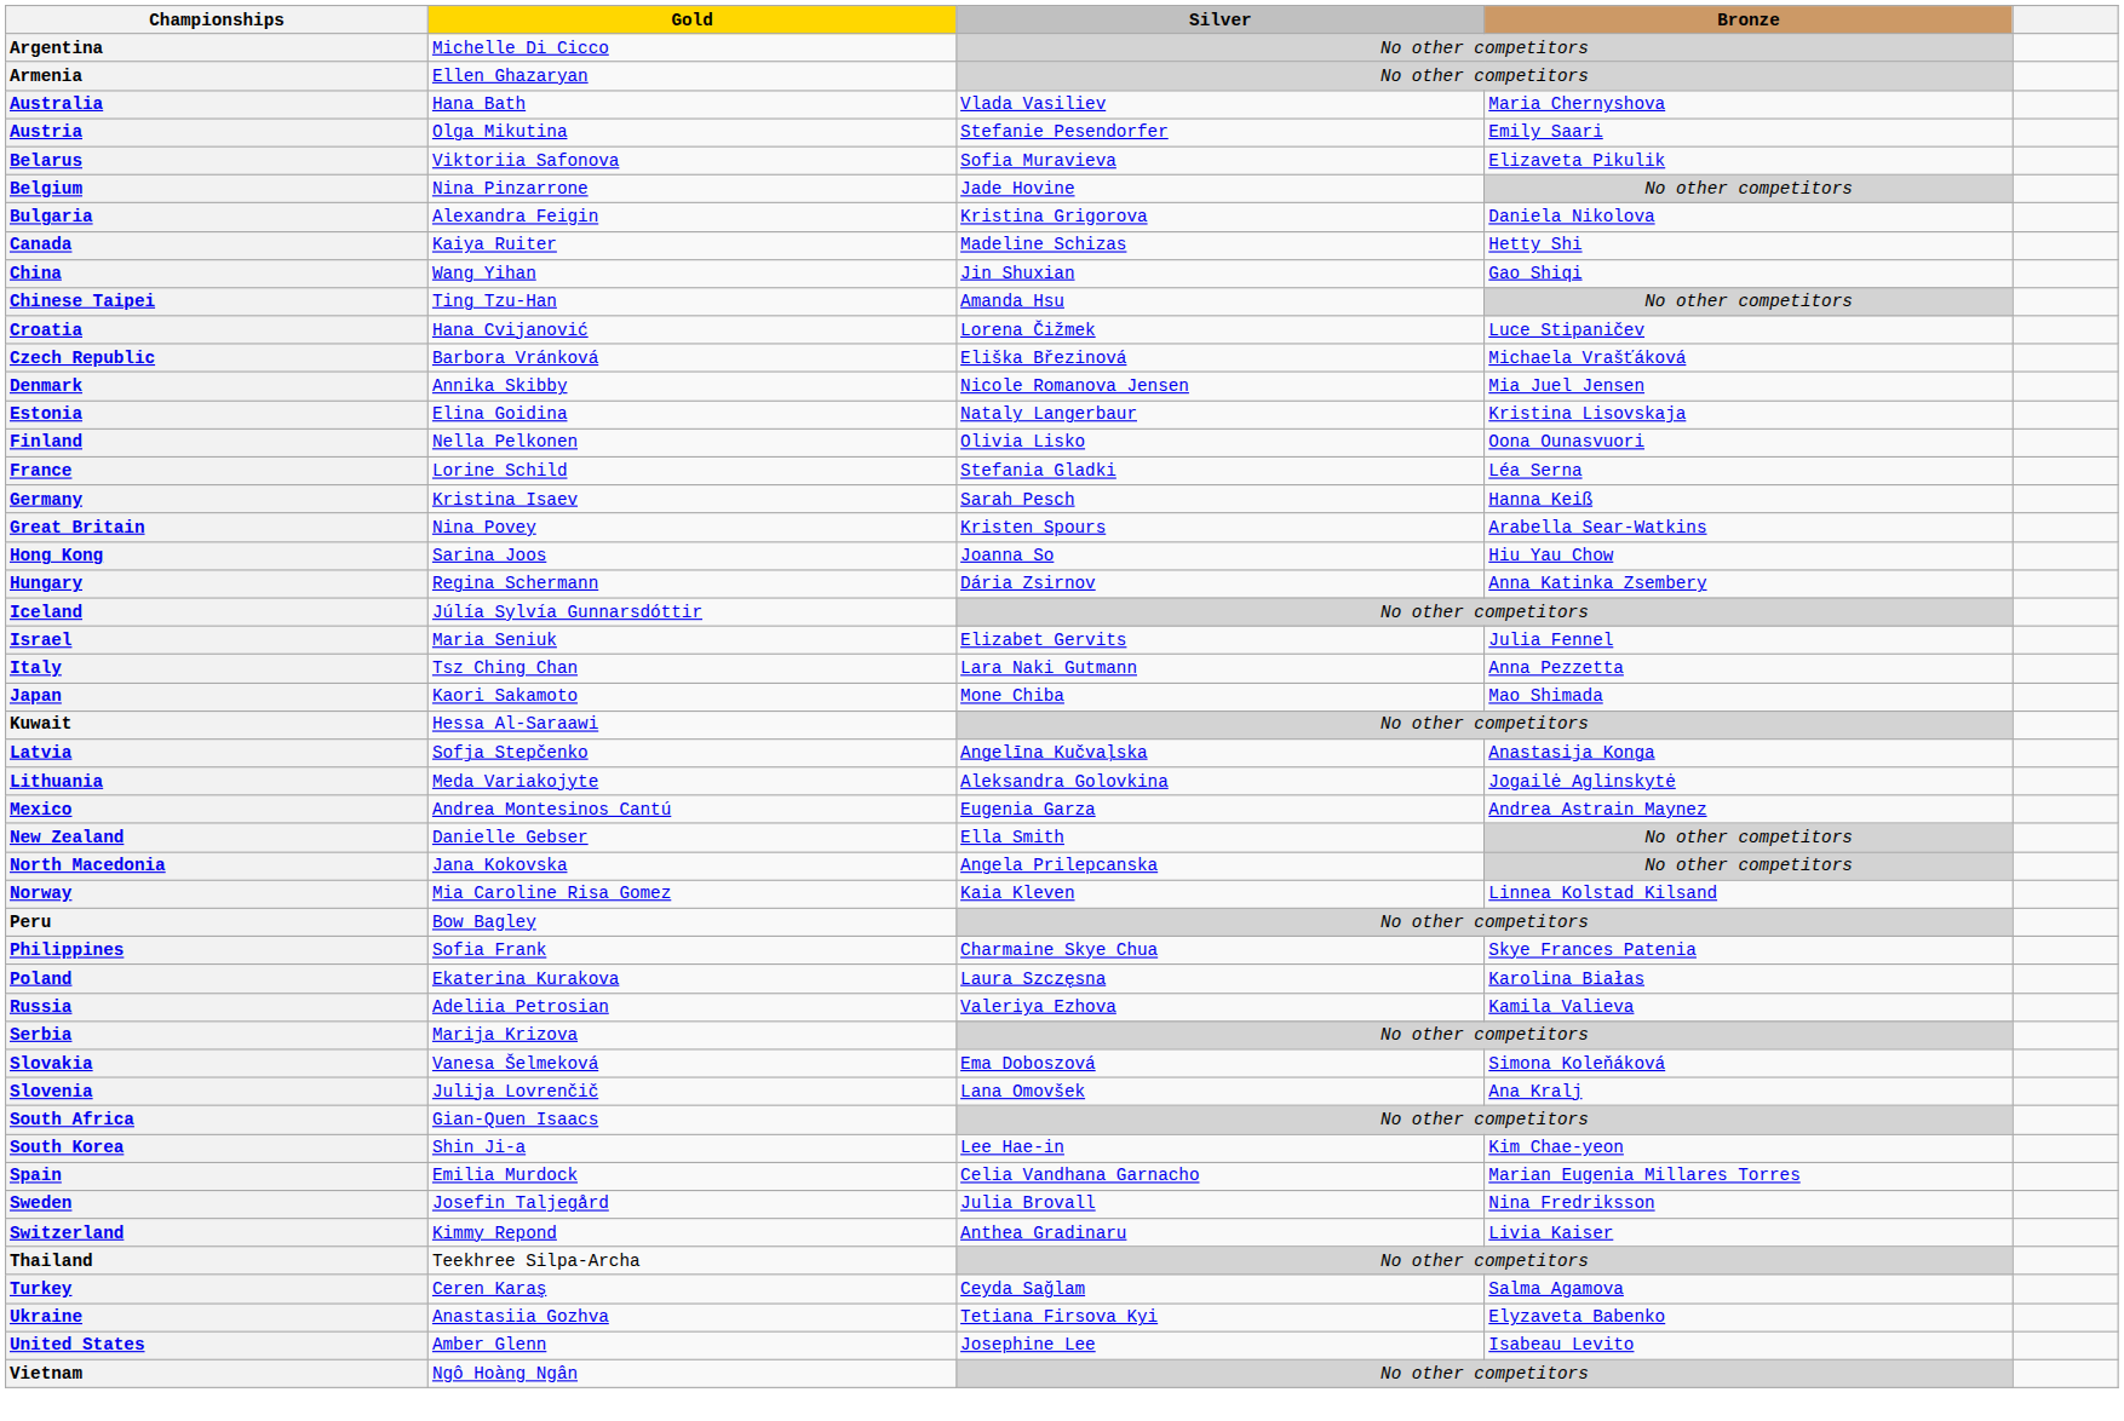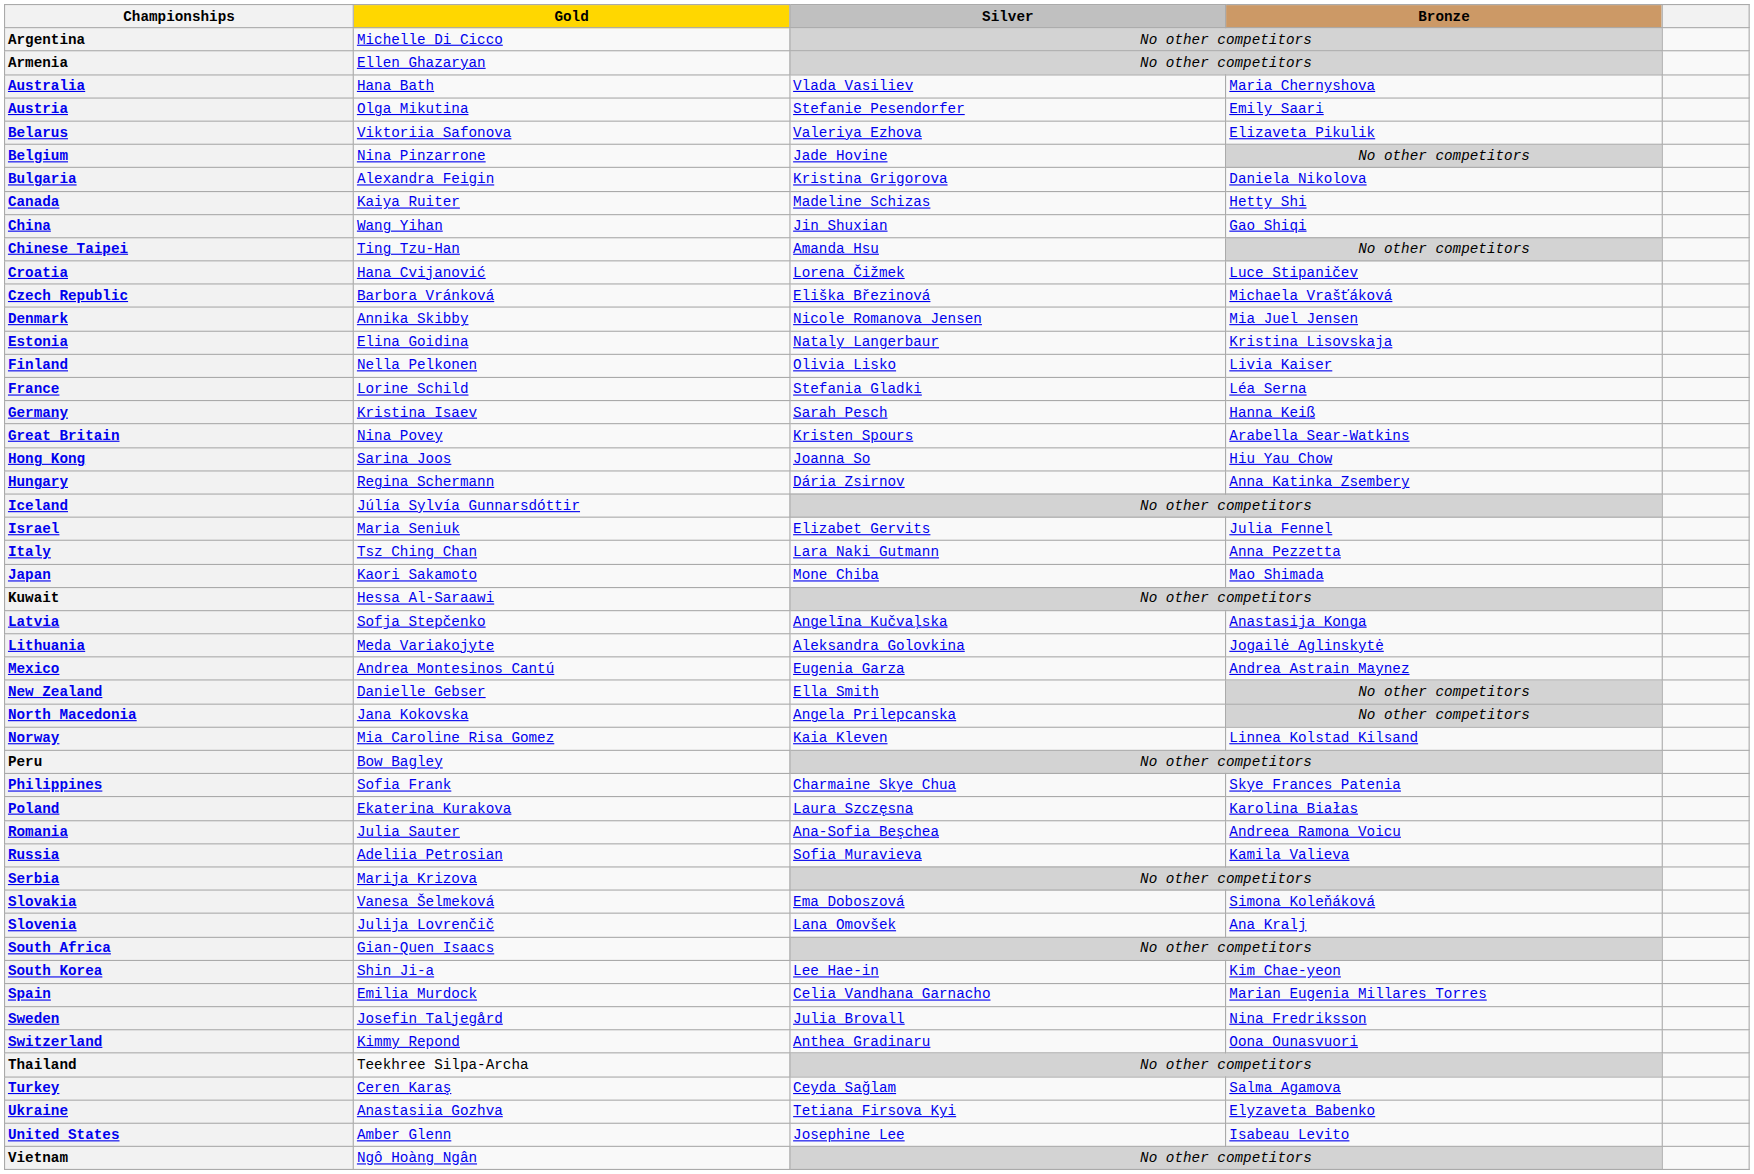 <table class="wikitable unsortable" style="text-align:left; width:80%;">
 <tr>
 <th scope="col" style="text-align:center; width:20%;">Championships</th>
 <td scope="col" style="text-align:center; width:25%; background:gold"><strong>Gold</strong></td>
 <td scope="col" style="text-align:center; width:25%; background:silver"><strong>Silver</strong></td>
 <td scope="col" style="text-align:center; width:25%; background:#c96"><strong>Bronze</strong></td>
 <th scope="col" style="text-align:center; width:5%;"></th>
 </tr>
 <tr>
 <th scope="row" style="text-align:left"> Argentina</th>
 <td><a href='#'>Michelle Di Cicco</a></td>
 <td colspan=2 align="center" bgcolor="lightgray"><em>No other competitors</em></td>
 <td></td>
 </tr>
 <tr>
 <th scope="row" style="text-align:left"> Armenia</th>
 <td><a href='#'>Ellen Ghazaryan</a></td>
 <td colspan=2 align="center" bgcolor="lightgray"><em>No other competitors</em></td>
 <td></td>
 </tr>
 <tr>
 <th scope="row" style="text-align:left"> <a href='#'>Australia</a></th>
 <td><a href='#'>Hana Bath</a></td>
 <td><a href='#'>Vlada Vasiliev</a></td>
 <td><a href='#'>Maria Chernyshova</a></td>
 <td></td>
 </tr>
 <tr>
 <th scope="row" style="text-align:left"> <a href='#'>Austria</a></th>
 <td><a href='#'>Olga Mikutina</a></td>
 <td><a href='#'>Stefanie Pesendorfer</a></td>
 <td><a href='#'>Emily Saari</a></td>
 <td></td>
 </tr>
 <tr>
 <th scope="row" style="text-align:left"> <a href='#'>Belarus</a></th>
 <td><a href='#'>Viktoriia Safonova</a></td>
-<td><a href='#'>Sofia Muravieva</a></td>
+<td><a href='#'>Valeriya Ezhova</a></td>
 <td><a href='#'>Elizaveta Pikulik</a></td>
 <td></td>
 </tr>
 <tr>
 <th scope="row" style="text-align:left"> <a href='#'>Belgium</a></th>
 <td><a href='#'>Nina Pinzarrone</a></td>
 <td><a href='#'>Jade Hovine</a></td>
 <td align="center" bgcolor="lightgray"><em>No other competitors</em></td>
 <td></td>
 </tr>
 <tr>
 <th scope="row" style="text-align:left"> <a href='#'>Bulgaria</a></th>
 <td><a href='#'>Alexandra Feigin</a></td>
 <td><a href='#'>Kristina Grigorova</a></td>
 <td><a href='#'>Daniela Nikolova</a></td>
 <td></td>
 </tr>
 <tr>
 <th scope="row" style="text-align:left"> <a href='#'>Canada</a></th>
 <td><a href='#'>Kaiya Ruiter</a></td>
 <td><a href='#'>Madeline Schizas</a></td>
 <td><a href='#'>Hetty Shi</a></td>
 <td></td>
 </tr>
 <tr>
 <th scope="row" style="text-align:left"> <a href='#'>China</a></th>
 <td><a href='#'>Wang Yihan</a></td>
 <td><a href='#'>Jin Shuxian</a></td>
 <td><a href='#'>Gao Shiqi</a></td>
 <td></td>
 </tr>
 <tr>
 <th scope="row" style="text-align:left"> <a href='#'>Chinese Taipei</a></th>
 <td><a href='#'>Ting Tzu-Han</a></td>
 <td><a href='#'>Amanda Hsu</a></td>
 <td align="center" bgcolor="lightgray"><em>No other competitors</em></td>
 <td></td>
 </tr>
 <tr>
 <th scope="row" style="text-align:left"> <a href='#'>Croatia</a></th>
 <td><a href='#'>Hana Cvijanović</a></td>
 <td><a href='#'>Lorena Čižmek</a></td>
 <td><a href='#'>Luce Stipaničev</a></td>
 <td></td>
 </tr>
 <tr>
 <th scope="row" style="text-align:left"> <a href='#'>Czech Republic</a></th>
 <td><a href='#'>Barbora Vránková</a></td>
 <td><a href='#'>Eliška Březinová</a></td>
 <td><a href='#'>Michaela Vrašťáková</a></td>
 <td></td>
 </tr>
 <tr>
 <th scope="row" style="text-align:left"> <a href='#'>Denmark</a></th>
 <td><a href='#'>Annika Skibby</a></td>
 <td><a href='#'>Nicole Romanova Jensen</a></td>
 <td><a href='#'>Mia Juel Jensen</a></td>
 <td></td>
 </tr>
 <tr>
 <th scope="row" style="text-align:left"> <a href='#'>Estonia</a></th>
 <td><a href='#'>Elina Goidina</a></td>
 <td><a href='#'>Nataly Langerbaur</a></td>
 <td><a href='#'>Kristina Lisovskaja</a></td>
 <td></td>
 </tr>
 <tr>
 <th scope="row" style="text-align:left"> <a href='#'>Finland</a></th>
 <td><a href='#'>Nella Pelkonen</a></td>
 <td><a href='#'>Olivia Lisko</a></td>
-<td><a href='#'>Oona Ounasvuori</a></td>
+<td><a href='#'>Livia Kaiser</a></td>
 <td></td>
 </tr>
 <tr>
 <th scope="row" style="text-align:left"> <a href='#'>France</a></th>
 <td><a href='#'>Lorine Schild</a></td>
 <td><a href='#'>Stefania Gladki</a></td>
 <td><a href='#'>Léa Serna</a></td>
 <td></td>
 </tr>
 <tr>
 <th scope="row" style="text-align:left"> <a href='#'>Germany</a></th>
 <td><a href='#'>Kristina Isaev</a></td>
 <td><a href='#'>Sarah Pesch</a></td>
 <td><a href='#'>Hanna Keiß</a></td>
 <td></td>
 </tr>
 <tr>
 <th scope="row" style="text-align:left"> <a href='#'>Great Britain</a></th>
 <td><a href='#'>Nina Povey</a></td>
 <td><a href='#'>Kristen Spours</a></td>
 <td><a href='#'>Arabella Sear-Watkins</a></td>
 <td></td>
 </tr>
 <tr>
 <th scope="row" style="text-align:left"> <a href='#'>Hong Kong</a></th>
 <td><a href='#'>Sarina Joos</a></td>
 <td><a href='#'>Joanna So</a></td>
 <td><a href='#'>Hiu Yau Chow</a></td>
 <td></td>
 </tr>
 <tr>
 <th scope="row" style="text-align:left"> <a href='#'>Hungary</a></th>
 <td><a href='#'>Regina Schermann</a></td>
 <td><a href='#'>Dária Zsirnov</a></td>
 <td><a href='#'>Anna Katinka Zsembery</a></td>
 <td></td>
 </tr>
 <tr>
 <th scope="row" style="text-align:left"> <a href='#'>Iceland</a></th>
 <td><a href='#'>Júlía Sylvía Gunnarsdóttir</a></td>
 <td colspan=2 align="center" bgcolor="lightgray"><em>No other competitors</em></td>
 <td></td>
 </tr>
 <tr>
 <th scope="row" style="text-align:left"> <a href='#'>Israel</a></th>
 <td><a href='#'>Maria Seniuk</a></td>
 <td><a href='#'>Elizabet Gervits</a></td>
 <td><a href='#'>Julia Fennel</a></td>
 <td></td>
 </tr>
 <tr>
 <th scope="row" style="text-align:left"> <a href='#'>Italy</a></th>
 <td><a href='#'>Tsz Ching Chan</a></td>
 <td><a href='#'>Lara Naki Gutmann</a></td>
 <td><a href='#'>Anna Pezzetta</a></td>
 <td></td>
 </tr>
 <tr>
 <th scope="row" style="text-align:left"> <a href='#'>Japan</a></th>
 <td><a href='#'>Kaori Sakamoto</a></td>
 <td><a href='#'>Mone Chiba</a></td>
 <td><a href='#'>Mao Shimada</a></td>
 <td></td>
 </tr>
 <tr>
 <th scope="row" style="text-align:left"> Kuwait</th>
 <td><a href='#'>Hessa Al-Saraawi</a></td>
 <td colspan=2 align="center" bgcolor="lightgray"><em>No other competitors</em></td>
 <td></td>
 </tr>
 <tr>
 <th scope="row" style="text-align:left"> <a href='#'>Latvia</a></th>
 <td><a href='#'>Sofja Stepčenko</a></td>
 <td><a href='#'>Angelīna Kučvaļska</a></td>
 <td><a href='#'>Anastasija Konga</a></td>
 <td></td>
 </tr>
 <tr>
 <th scope="row" style="text-align:left"> <a href='#'>Lithuania</a></th>
 <td><a href='#'>Meda Variakojyte</a></td>
 <td><a href='#'>Aleksandra Golovkina</a></td>
 <td><a href='#'>Jogailė Aglinskytė</a></td>
 <td></td>
 </tr>
 <tr>
 <th scope="row" style="text-align:left"> <a href='#'>Mexico</a></th>
 <td><a href='#'>Andrea Montesinos Cantú</a></td>
 <td><a href='#'>Eugenia Garza</a></td>
 <td><a href='#'>Andrea Astrain Maynez</a></td>
 <td></td>
 </tr>
 <tr>
 <th scope="row" style="text-align:left"> <a href='#'>New Zealand</a></th>
 <td><a href='#'>Danielle Gebser</a></td>
 <td><a href='#'>Ella Smith</a></td>
 <td align="center" bgcolor="lightgray"><em>No other competitors</em></td>
 <td></td>
 </tr>
 <tr>
 <th scope="row" style="text-align:left"> <a href='#'>North Macedonia</a></th>
 <td><a href='#'>Jana Kokovska</a></td>
 <td><a href='#'>Angela Prilepcanska</a></td>
 <td align="center" bgcolor="lightgray"><em>No other competitors</em></td>
 <td></td>
 </tr>
 <tr>
 <th scope="row" style="text-align:left"> <a href='#'>Norway</a></th>
 <td><a href='#'>Mia Caroline Risa Gomez</a></td>
 <td><a href='#'>Kaia Kleven</a></td>
 <td><a href='#'>Linnea Kolstad Kilsand</a></td>
 <td></td>
 </tr>
 <tr>
 <th scope="row" style="text-align:left"> Peru</th>
 <td><a href='#'>Bow Bagley</a></td>
 <td colspan=2 align="center" bgcolor="lightgray"><em>No other competitors</em></td>
 <td></td>
 </tr>
 <tr>
 <th scope="row" style="text-align:left"> <a href='#'>Philippines</a></th>
 <td><a href='#'>Sofia Frank</a></td>
 <td><a href='#'>Charmaine Skye Chua</a></td>
 <td><a href='#'>Skye Frances Patenia</a></td>
 <td></td>
 </tr>
 <tr>
 <th scope="row" style="text-align:left"> <a href='#'>Poland</a></th>
 <td><a href='#'>Ekaterina Kurakova</a></td>
 <td><a href='#'>Laura Szczęsna</a></td>
 <td><a href='#'>Karolina Białas</a></td>
 <td></td>
 </tr>
 <tr>
+<th scope="row" style="text-align:left"> <a href='#'>Romania</a></th>
+<td><a href='#'>Julia Sauter</a></td>
+<td><a href='#'>Ana-Sofia Beşchea</a></td>
+<td><a href='#'>Andreea Ramona Voicu</a></td>
+<td></td>
+</tr>
+<tr>
 <th scope="row" style="text-align:left"> <a href='#'>Russia</a></th>
 <td><a href='#'>Adeliia Petrosian</a></td>
-<td><a href='#'>Valeriya Ezhova</a></td>
+<td><a href='#'>Sofia Muravieva</a></td>
 <td><a href='#'>Kamila Valieva</a></td>
 <td></td>
 </tr>
 <tr>
 <th scope="row" style="text-align:left"> <a href='#'>Serbia</a></th>
 <td><a href='#'>Marija Krizova</a></td>
 <td colspan=2 align="center" bgcolor="lightgray"><em>No other competitors</em></td>
 <td></td>
 </tr>
 <tr>
 <th scope="row" style="text-align:left"> <a href='#'>Slovakia</a></th>
 <td><a href='#'>Vanesa Šelmeková</a></td>
 <td><a href='#'>Ema Doboszová</a></td>
 <td><a href='#'>Simona Koleňáková</a></td>
 <td></td>
 </tr>
 <tr>
 <th scope="row" style="text-align:left"> <a href='#'>Slovenia</a></th>
 <td><a href='#'>Julija Lovrenčič</a></td>
 <td><a href='#'>Lana Omovšek</a></td>
 <td><a href='#'>Ana Kralj</a></td>
 <td></td>
 </tr>
 <tr>
 <th scope="row" style="text-align:left"> <a href='#'>South Africa</a></th>
 <td><a href='#'>Gian-Quen Isaacs</a></td>
 <td colspan=2 align="center" bgcolor="lightgray"><em>No other competitors</em></td>
 <td></td>
 </tr>
 <tr>
 <th scope="row" style="text-align:left"> <a href='#'>South Korea</a></th>
 <td><a href='#'>Shin Ji-a</a></td>
 <td><a href='#'>Lee Hae-in</a></td>
 <td><a href='#'>Kim Chae-yeon</a></td>
 <td></td>
 </tr>
 <tr>
 <th scope="row" style="text-align:left"> <a href='#'>Spain</a></th>
 <td><a href='#'>Emilia Murdock</a></td>
 <td><a href='#'>Celia Vandhana Garnacho</a></td>
 <td><a href='#'>Marian Eugenia Millares Torres</a></td>
 <td></td>
 </tr>
 <tr>
 <th scope="row" style="text-align:left"> <a href='#'>Sweden</a></th>
 <td><a href='#'>Josefin Taljegård</a></td>
 <td><a href='#'>Julia Brovall</a></td>
 <td><a href='#'>Nina Fredriksson</a></td>
 <td></td>
 </tr>
 <tr>
 <th scope="row" style="text-align:left"> <a href='#'>Switzerland</a></th>
 <td><a href='#'>Kimmy Repond</a></td>
 <td><a href='#'>Anthea Gradinaru</a></td>
-<td><a href='#'>Livia Kaiser</a></td>
+<td><a href='#'>Oona Ounasvuori</a></td>
 <td></td>
 </tr>
 <tr>
 <th scope="row" style="text-align:left"> Thailand</th>
 <td>Teekhree Silpa-Archa</td>
 <td colspan=2 align="center" bgcolor="lightgray"><em>No other competitors</em></td>
 <td></td>
 </tr>
 <tr>
 <th scope="row" style="text-align:left"> <a href='#'>Turkey</a></th>
 <td><a href='#'>Ceren Karaş</a></td>
 <td><a href='#'>Ceyda Sağlam</a></td>
 <td><a href='#'>Salma Agamova</a></td>
 <td></td>
 </tr>
 <tr>
 <th scope="row" style="text-align:left"> <a href='#'>Ukraine</a></th>
 <td><a href='#'>Anastasiia Gozhva</a></td>
 <td><a href='#'>Tetiana Firsova Kyi</a></td>
 <td><a href='#'>Elyzaveta Babenko</a></td>
 <td></td>
 </tr>
 <tr>
 <th scope="row" style="text-align:left"> <a href='#'>United States</a></th>
 <td><a href='#'>Amber Glenn</a></td>
 <td><a href='#'>Josephine Lee</a></td>
 <td><a href='#'>Isabeau Levito</a></td>
 <td></td>
 </tr>
 <tr>
 <th scope="row" style="text-align:left"> Vietnam</th>
 <td><a href='#'>Ngô Hoàng Ngân</a></td>
 <td colspan=2 align="center" bgcolor="lightgray"><em>No other competitors</em></td>
 <td></td>
 </tr>
 </table>
